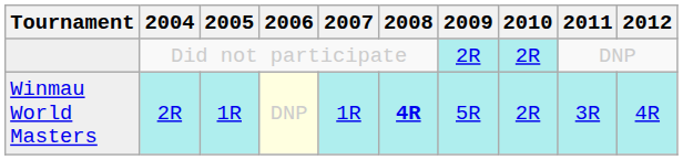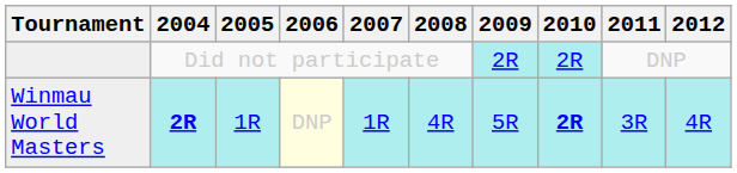 <table class="wikitable" style="width:20%; margin:0">
 <tr>
 <th>Tournament</th>
 <th>2004</th>
 <th>2005</th>
 <th>2006</th>
 <th>2007</th>
 <th>2008</th>
 <th>2009</th>
 <th>2010</th>
 <th>2011</th>
 <th>2012</th>
 </tr>
 <tr>
 <td style="background:#efefef;"></td>
 <td colspan="5" style="text-align:center; color:#ccc;">Did not participate</td>
 <td style="text-align:center; background:#afeeee;"><a href='#'>2R</a></td>
 <td style="text-align:center; background:#afeeee;"><a href='#'>2R</a></td>
 <td colspan="2" style="text-align:center; color:#ccc;">DNP</td>
 </tr>
 <tr>
 <td style="background:#efefef;"><a href='#'>Winmau World Masters</a></td>
-<td style="text-align:center; background:#afeeee;"><a href='#'>2R</a></td>
+<td style="text-align:center; background:#afeeee;"><strong><a href='#'>2R</a></strong></td>
 <td style="text-align:center; background:#afeeee;"><a href='#'>1R</a></td>
 <td style="background: lightyellow; text-align:center; color:#ccc;">DNP</td>
 <td style="text-align:center; background:#afeeee;"><a href='#'>1R</a></td>
-<td style="text-align:center; background:#afeeee;"><strong><a href='#'>4R</a></strong></td>
+<td style="text-align:center; background:#afeeee;"><a href='#'>4R</a></td>
 <td style="text-align:center; background:#afeeee;"><a href='#'>5R</a></td>
-<td style="text-align:center; background:#afeeee;"><a href='#'>2R</a></td>
+<td style="text-align:center; background:#afeeee;"><strong><a href='#'>2R</a></strong></td>
 <td style="text-align:center; background:#afeeee;"><a href='#'>3R</a></td>
 <td style="text-align:center; background:#afeeee;"><a href='#'>4R</a></td>
 </tr>
 </table>
